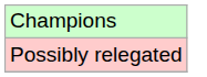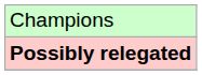 <table class="wikitable">
 <tr width=10px bgcolor="#ccffcc">
 <td>Champions</td>
 </tr>
 <tr width=10px bgcolor="#ffcccc">
-<td>Possibly relegated</td>
+<td><strong>Possibly relegated</strong></td>
 </tr>
 <tr>
 </tr>
 </table>
